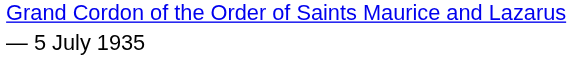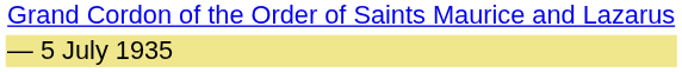 <table>
 <tr>
 <td rowspan=2 style="width:60px; vertical-align:top;"></td>
 <td><a href='#'>Grand Cordon of the Order of Saints Maurice and Lazarus</a></td>
 </tr>
 <tr>
-<td>— 5 July 1935</td>
+<td style="background: khaki;">— 5 July 1935</td>
 </tr>
 </table>
